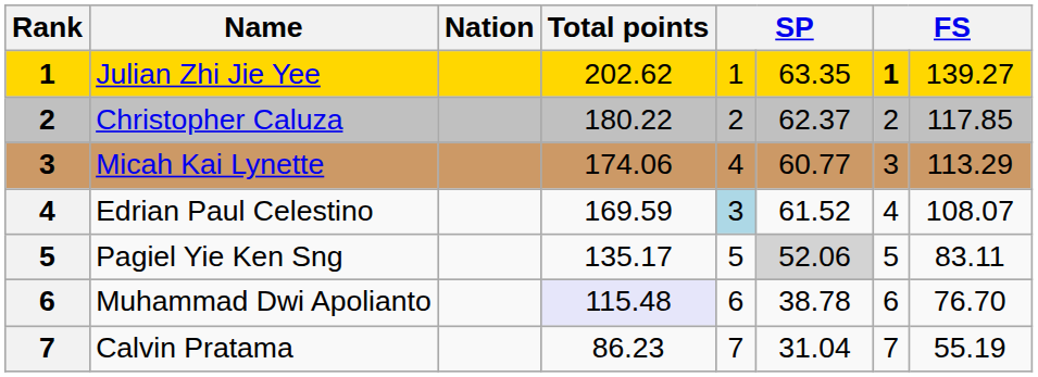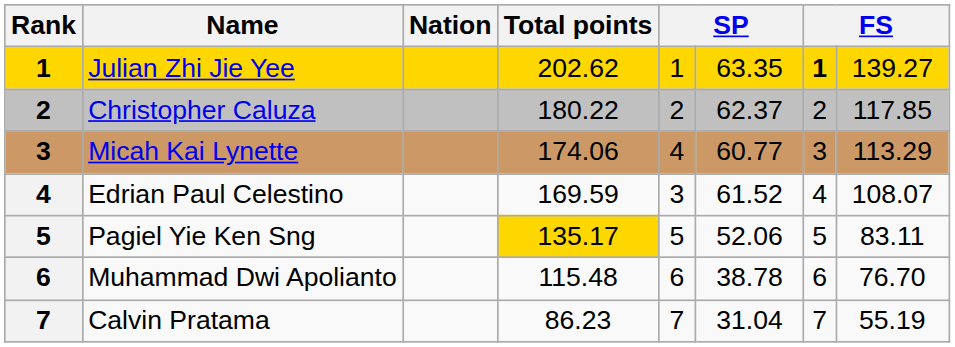 <table class="wikitable sortable">
 <tr>
 <th>Rank</th>
 <th>Name</th>
 <th>Nation</th>
 <th>Total points</th>
 <th colspan="2" width="80px"><a href='#'>SP</a></th>
 <th colspan="2" width="80px"><a href='#'>FS</a></th>
 </tr>
 <tr bgcolor="gold">
 <td align="center"><strong>1</strong></td>
 <td><a href='#'>Julian Zhi Jie Yee</a></td>
 <td></td>
 <td align="center">202.62</td>
 <td align="center">1</td>
 <td align="center">63.35</td>
 <td align="center"><strong>1</strong></td>
 <td align="center">139.27</td>
 </tr>
 <tr bgcolor="silver">
 <td align="center"><strong>2</strong></td>
 <td><a href='#'>Christopher Caluza</a></td>
 <td></td>
 <td align="center">180.22</td>
 <td align="center">2</td>
 <td align="center">62.37</td>
 <td align="center">2</td>
 <td align="center">117.85</td>
 </tr>
 <tr bgcolor="cc9966">
 <td align="center"><strong>3</strong></td>
 <td><a href='#'>Micah Kai Lynette</a></td>
 <td></td>
 <td align="center">174.06</td>
 <td align="center">4</td>
 <td align="center">60.77</td>
 <td align="center">3</td>
 <td align="center">113.29</td>
 </tr>
 <tr>
 <th>4</th>
 <td>Edrian Paul Celestino</td>
 <td></td>
 <td align="center">169.59</td>
-<td align="center" style="background: lightblue;">3</td>
+<td align="center">3</td>
 <td align="center">61.52</td>
 <td align="center">4</td>
 <td align="center">108.07</td>
 </tr>
 <tr>
 <th>5</th>
 <td>Pagiel Yie Ken Sng</td>
 <td></td>
-<td align="center">135.17</td>
+<td align="center" style="background: gold;">135.17</td>
 <td align="center">5</td>
-<td align="center" style="background: lightgrey;">52.06</td>
+<td align="center">52.06</td>
 <td align="center">5</td>
 <td align="center">83.11</td>
 </tr>
 <tr>
 <th>6</th>
 <td>Muhammad Dwi Apolianto</td>
 <td></td>
-<td align="center" style="background: lavender;">115.48</td>
+<td align="center">115.48</td>
 <td align="center">6</td>
 <td align="center">38.78</td>
 <td align="center">6</td>
 <td align="center">76.70</td>
 </tr>
 <tr>
 <th>7</th>
 <td>Calvin Pratama</td>
 <td></td>
 <td align="center">86.23</td>
 <td align="center">7</td>
 <td align="center">31.04</td>
 <td align="center">7</td>
 <td align="center">55.19</td>
 </tr>
 </table>
